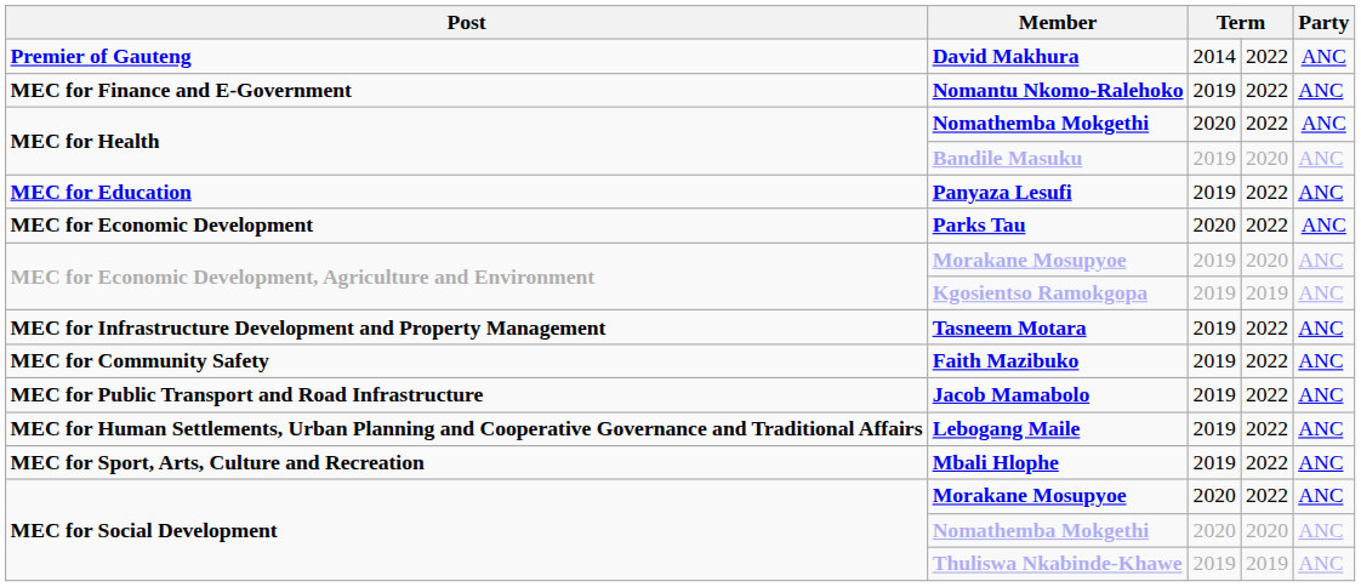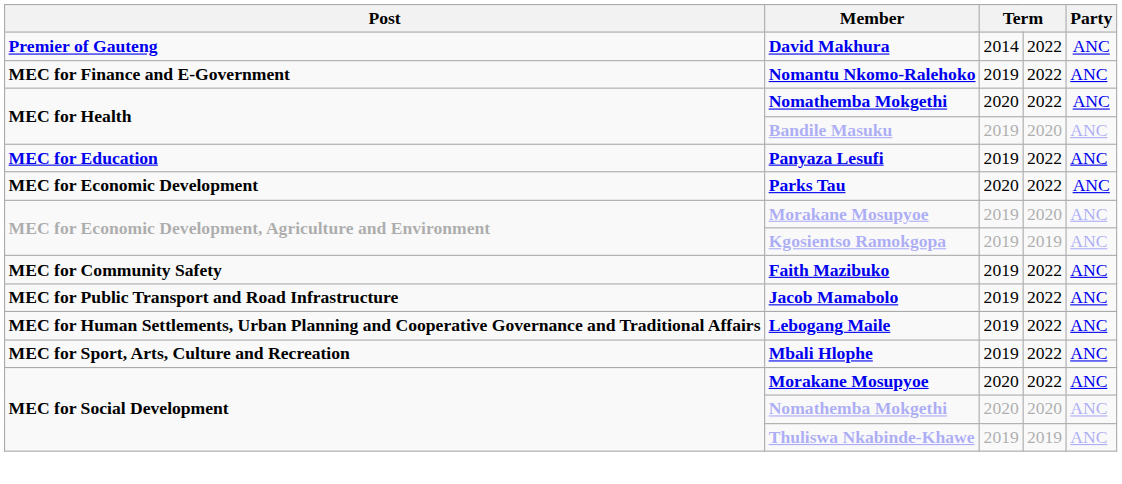 <table class="wikitable collapsible">
 <tr>
 <th>Post</th>
 <th>Member</th>
 <th colspan="2">Term</th>
 <th>Party</th>
 </tr>
 <tr>
 <td><strong><a href='#'>Premier of Gauteng</a></strong></td>
 <td><strong><a href='#'>David Makhura</a></strong></td>
 <td>2014</td>
 <td align="center">2022</td>
 <td align="center"><a href='#'>ANC</a></td>
 </tr>
 <tr>
 <td><strong>MEC for Finance and E-Government</strong></td>
 <td><strong><a href='#'>Nomantu Nkomo-Ralehoko</a></strong></td>
 <td>2019</td>
 <td>2022</td>
 <td><a href='#'>ANC</a></td>
 </tr>
 <tr>
 <td rowspan="2"><strong>MEC for Health</strong></td>
 <td><strong><a href='#'>Nomathemba Mokgethi</a></strong></td>
 <td>2020</td>
 <td>2022</td>
 <td align="center"><a href='#'>ANC</a></td>
 </tr>
 <tr style="opacity:.3;">
 <td><strong><a href='#'>Bandile Masuku</a></strong></td>
 <td>2019</td>
 <td>2020</td>
 <td><a href='#'>ANC</a></td>
 </tr>
 <tr>
 <td><a href='#'><strong>MEC for Education</strong></a></td>
 <td><strong><a href='#'>Panyaza Lesufi</a></strong></td>
 <td>2019</td>
 <td>2022</td>
 <td><a href='#'>ANC</a></td>
 </tr>
 <tr>
 <td><strong>MEC for Economic Development</strong></td>
 <td><strong><a href='#'>Parks Tau</a></strong></td>
 <td>2020</td>
 <td>2022</td>
 <td align="center"><a href='#'>ANC</a></td>
 </tr>
 <tr style="opacity:.3;">
 <td rowspan="2"><strong>MEC for Economic Development, Agriculture and Environment</strong></td>
 <td><strong><a href='#'>Morakane Mosupyoe</a></strong></td>
 <td>2019</td>
 <td>2020</td>
 <td><a href='#'>ANC</a></td>
 </tr>
 <tr style="opacity:.3;">
 <td><strong><a href='#'>Kgosientso Ramokgopa</a></strong></td>
 <td>2019</td>
 <td>2019</td>
 <td><a href='#'>ANC</a></td>
 </tr>
 <tr>
-<td><strong>MEC for Infrastructure Development and Property Management</strong></td>
-<td><strong><a href='#'>Tasneem Motara</a></strong></td>
-<td>2019</td>
-<td>2022</td>
-<td><a href='#'>ANC</a></td>
-</tr>
-<tr>
 <td><strong>MEC for Community Safety</strong></td>
 <td><strong><a href='#'>Faith Mazibuko</a></strong></td>
 <td>2019</td>
 <td>2022</td>
 <td><a href='#'>ANC</a></td>
 </tr>
 <tr>
 <td><strong>MEC for Public Transport and Road Infrastructure</strong></td>
 <td><strong><a href='#'>Jacob Mamabolo</a></strong></td>
 <td>2019</td>
 <td>2022</td>
 <td><a href='#'>ANC</a></td>
 </tr>
 <tr>
 <td><strong>MEC for Human Settlements, Urban Planning and Cooperative Governance and Traditional Affairs</strong></td>
 <td><strong><a href='#'>Lebogang Maile</a></strong></td>
 <td>2019</td>
 <td>2022</td>
 <td><a href='#'>ANC</a></td>
 </tr>
 <tr>
 <td><strong>MEC for Sport, Arts, Culture and Recreation</strong></td>
 <td><strong><a href='#'>Mbali Hlophe</a></strong></td>
 <td>2019</td>
 <td>2022</td>
 <td><a href='#'>ANC</a></td>
 </tr>
 <tr>
 <td rowspan="3"><strong>MEC for Social Development</strong></td>
 <td><strong><a href='#'>Morakane Mosupyoe</a></strong></td>
 <td>2020</td>
 <td>2022</td>
 <td><a href='#'>ANC</a></td>
 </tr>
 <tr style="opacity:.3;">
 <td><strong><a href='#'>Nomathemba Mokgethi</a></strong></td>
 <td>2020</td>
 <td>2020</td>
 <td><a href='#'>ANC</a></td>
 </tr>
 <tr style="opacity:.3;">
 <td><strong><a href='#'>Thuliswa Nkabinde-Khawe</a></strong></td>
 <td>2019</td>
 <td>2019</td>
 <td><a href='#'>ANC</a></td>
 </tr>
 </table>
